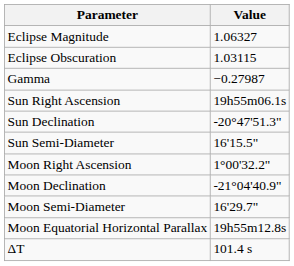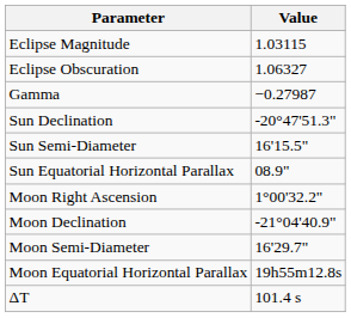 <table class="wikitable">
 <tr>
 <th>Parameter</th>
 <th>Value</th>
 </tr>
 <tr>
 <td>Eclipse Magnitude</td>
-<td>1.06327</td>
+<td>1.03115</td>
 </tr>
 <tr>
 <td>Eclipse Obscuration</td>
-<td>1.03115</td>
+<td>1.06327</td>
 </tr>
 <tr>
 <td>Gamma</td>
 <td>−0.27987</td>
-</tr>
-<tr>
-<td>Sun Right Ascension</td>
-<td>19h55m06.1s</td>
 </tr>
 <tr>
 <td>Sun Declination</td>
 <td>-20°47'51.3"</td>
 </tr>
 <tr>
 <td>Sun Semi-Diameter</td>
 <td>16'15.5"</td>
+</tr>
+<tr>
+<td>Sun Equatorial Horizontal Parallax</td>
+<td>08.9"</td>
 </tr>
 <tr>
 <td>Moon Right Ascension</td>
 <td>1°00'32.2"</td>
 </tr>
 <tr>
 <td>Moon Declination</td>
 <td>-21°04'40.9"</td>
 </tr>
 <tr>
 <td>Moon Semi-Diameter</td>
 <td>16'29.7"</td>
 </tr>
 <tr>
 <td>Moon Equatorial Horizontal Parallax</td>
 <td>19h55m12.8s</td>
 </tr>
 <tr>
 <td>ΔT</td>
 <td>101.4 s</td>
 </tr>
 </table>
